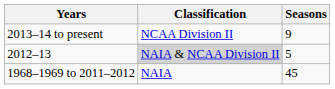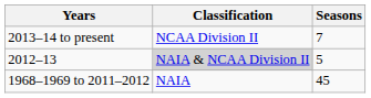 <table class="wikitable">
 <tr>
 <th>Years</th>
 <th>Classification</th>
 <th>Seasons</th>
 </tr>
 <tr>
 <td>2013–14 to present</td>
 <td><a href='#'>NCAA Division II</a></td>
-<td>9</td>
+<td>7</td>
 </tr>
 <tr>
 <td>2012–13</td>
 <td style="background: lightgrey;"><a href='#'>NAIA</a> & <a href='#'>NCAA Division II</a></td>
 <td>5</td>
 </tr>
 <tr>
 <td>1968–1969 to 2011–2012</td>
 <td><a href='#'>NAIA</a></td>
 <td>45</td>
 </tr>
 </table>
